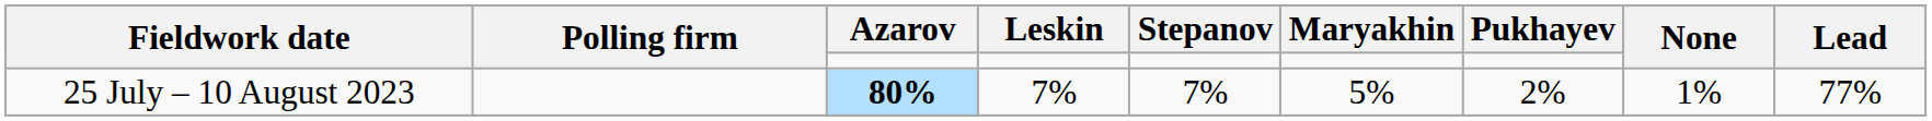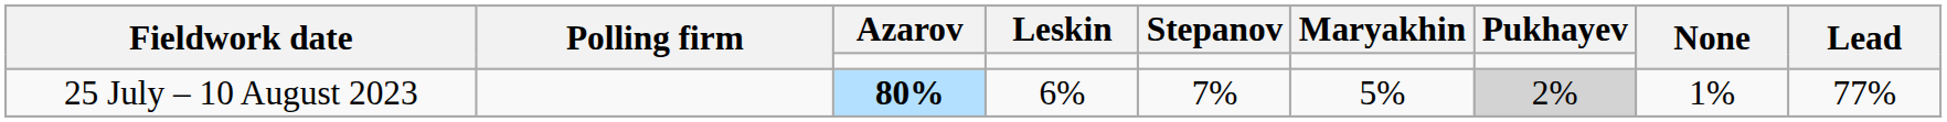 <table class=wikitable style="font-size:95%; line-height:14px; text-align:center">
 <tr>
 <th style=width:200px; rowspan=2>Fieldwork date</th>
 <th style=width:150px; rowspan=2>Polling firm</th>
 <th style="width:60px;">Azarov</th>
 <th style="width:60px;">Leskin</th>
 <th style="width:60px;">Stepanov</th>
 <th style="width:60px;">Maryakhin</th>
 <th style="width:60px;">Pukhayev</th>
 <th style="width:60px;" rowspan=2>None</th>
 <th style="width:60px;" rowspan="2">Lead</th>
 </tr>
 <tr>
 <td bgcolor=></td>
 <td bgcolor=></td>
 <td bgcolor=></td>
 <td bgcolor=></td>
 <td bgcolor=></td>
 </tr>
 <tr>
 <td>25 July – 10 August 2023</td>
 <td></td>
 <td style="background:#B3E0FF"><strong>80%</strong></td>
-<td>7%</td>
+<td>6%</td>
 <td>7%</td>
 <td>5%</td>
-<td>2%</td>
+<td style="background: lightgrey;">2%</td>
 <td>1%</td>
 <td style="background:">77%</td>
 </tr>
 <tr>
 </tr>
 </table>
